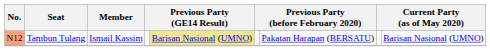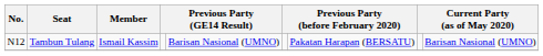 <table class="wikitable sortable mw-collapsible mw-collapsed" style="font-size:95%;">
 <tr>
 <th scope="col">No.</th>
 <th scope="col">Seat</th>
 <th scope="col">Member</th>
 <th colspan="2" scope="col">Previous Party<br>(GE14 Result)</th>
 <th colspan="2" scope="col">Previous Party<br>(before February 2020)</th>
 <th colspan="2" scope="col">Current Party<br>(as of May 2020)</th>
 </tr>
 <tr>
-<td style="background: lightsalmon;">N12</td>
+<td>N12</td>
 <td><a href='#'>Tambun Tulang</a></td>
 <td><a href='#'>Ismail Kassim</a></td>
 <td width="1"></td>
-<td style="background: khaki;"><a href='#'>Barisan Nasional</a> (<a href='#'>UMNO</a>)</td>
+<td><a href='#'>Barisan Nasional</a> (<a href='#'>UMNO</a>)</td>
 <td width="1"></td>
 <td><a href='#'>Pakatan Harapan</a> (<a href='#'>BERSATU</a>)</td>
 <td width="1"></td>
 <td><a href='#'>Barisan Nasional</a> (<a href='#'>UMNO</a>)</td>
 </tr>
 <tr>
 </tr>
 </table>
